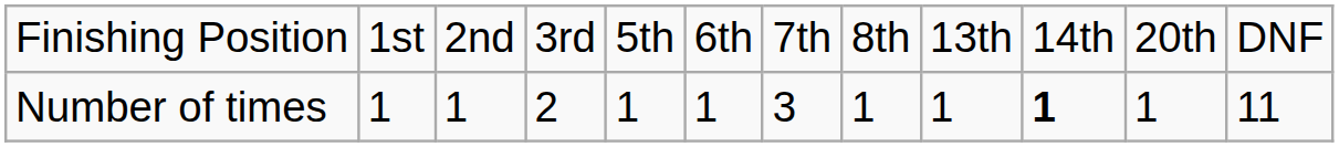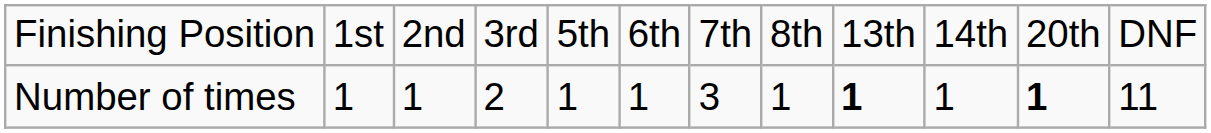 <table class="wikitable">
 <tr>
 <td>Finishing Position</td>
 <td>1st</td>
 <td>2nd</td>
 <td>3rd</td>
 <td>5th</td>
 <td>6th</td>
 <td>7th</td>
 <td>8th</td>
 <td>13th</td>
 <td>14th</td>
 <td>20th</td>
 <td>DNF</td>
 </tr>
 <tr>
 <td>Number of times</td>
 <td>1</td>
 <td>1</td>
 <td>2</td>
 <td>1</td>
 <td>1</td>
 <td>3</td>
 <td>1</td>
+<td><strong>1</strong></td>
 <td>1</td>
 <td><strong>1</strong></td>
-<td>1</td>
 <td>11</td>
 </tr>
 </table>
